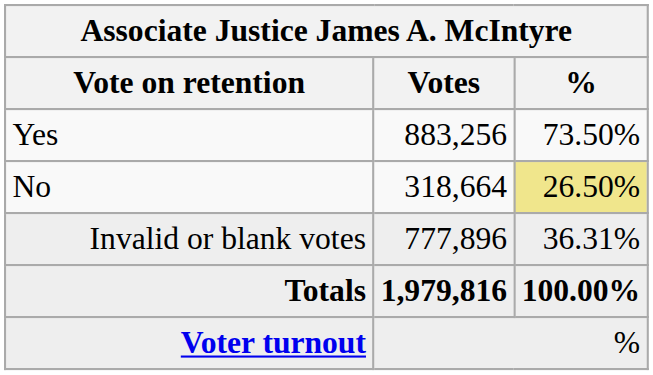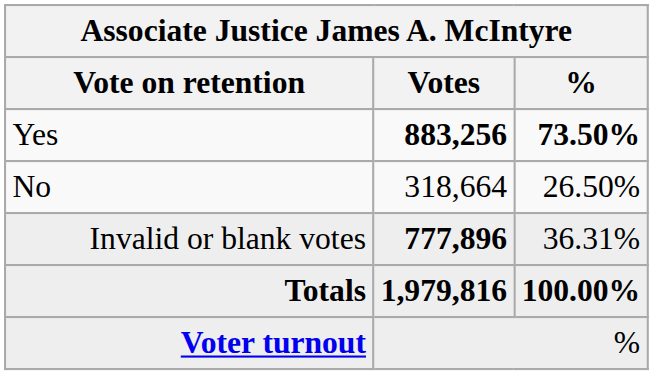 <table class="wikitable" style="font-size: 95%;">
 <tr style="background-color:#E9E9E9">
 <th colspan=7>Associate Justice James A. McIntyre</th>
 </tr>
 <tr style="background-color:#E9E9E9">
 <th style="width: 170px">Vote on retention</th>
 <th style="width: 50px">Votes</th>
 <th style="width: 40px">%</th>
 </tr>
 <tr>
 <td>Yes</td>
-<td align="right">883,256</td>
-<td align="right">73.50%</td>
+<td align="right"><strong>883,256</strong></td>
+<td align="right"><strong>73.50%</strong></td>
 </tr>
 <tr>
 <td>No</td>
 <td align="right">318,664</td>
-<td align="right" style="background: khaki;">26.50%</td>
+<td align="right">26.50%</td>
 </tr>
 <tr bgcolor="#EEEEEE">
 <td align="right">Invalid or blank votes</td>
-<td align="right">777,896</td>
+<td align="right"><strong>777,896</strong></td>
 <td align="right">36.31%</td>
 </tr>
 <tr bgcolor="#EEEEEE">
 <td align="right"><strong>Totals</strong></td>
 <td align="right"><strong>1,979,816</strong></td>
 <td align="right"><strong>100.00%</strong></td>
 </tr>
 <tr bgcolor="#EEEEEE">
 <td align="right"><strong><a href='#'>Voter turnout</a></strong></td>
 <td colspan="2" align="right">%</td>
 </tr>
 </table>
